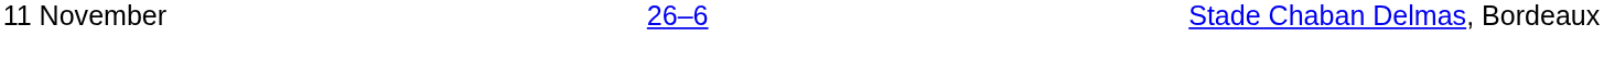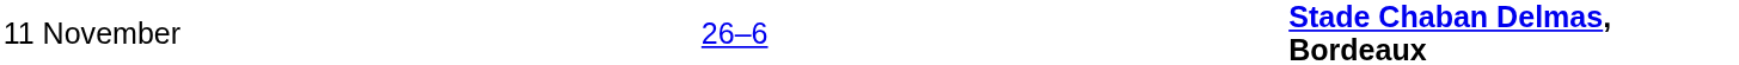 <table style="width:100%;" cellspacing="1">
 <tr>
 <th width=15%></th>
 <th width=25%></th>
 <th width=10%></th>
 <th width=25%></th>
 </tr>
 <tr style=font-size:90%>
 <td align=right>11 November</td>
 <td align=right></td>
 <td align=center><a href='#'>26–6</a></td>
 <td></td>
-<td><a href='#'>Stade Chaban Delmas</a>, Bordeaux</td>
+<td><strong><a href='#'>Stade Chaban Delmas</a>, Bordeaux</strong></td>
 </tr>
 </table>
